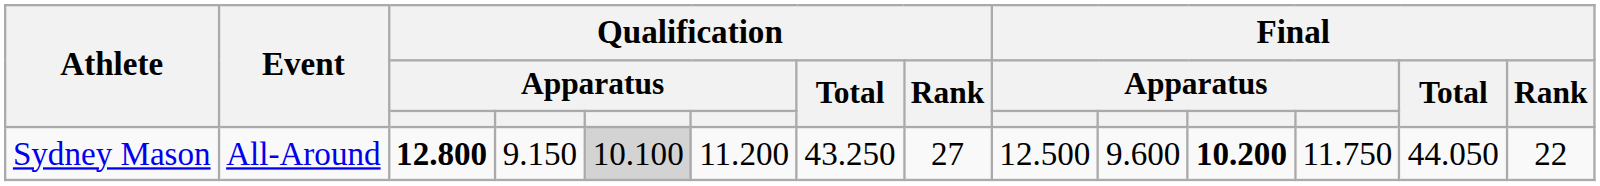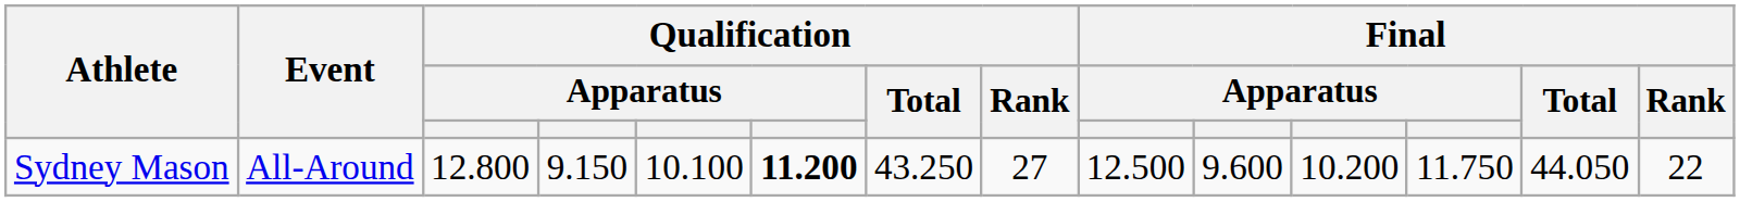 <table class="wikitable" style="font-size:90%">
 <tr>
 <th rowspan=3>Athlete</th>
 <th rowspan=3>Event</th>
 <th colspan =6>Qualification</th>
 <th colspan =6>Final</th>
 </tr>
 <tr style="font-size:95%">
 <th colspan=4>Apparatus</th>
 <th rowspan=2>Total</th>
 <th rowspan=2>Rank</th>
 <th colspan=4>Apparatus</th>
 <th rowspan=2>Total</th>
 <th rowspan=2>Rank</th>
 </tr>
 <tr style="font-size:95%">
 <th></th>
 <th></th>
 <th></th>
 <th></th>
 <th></th>
 <th></th>
 <th></th>
 <th></th>
 </tr>
 <tr align=center>
 <td align=left><a href='#'>Sydney Mason</a></td>
 <td style="text-align:left;"><a href='#'>All-Around</a></td>
-<td><strong>12.800</strong></td>
+<td>12.800</td>
 <td>9.150</td>
-<td style="background: lightgrey;">10.100</td>
-<td>11.200</td>
+<td>10.100</td>
+<td><strong>11.200</strong></td>
 <td>43.250</td>
 <td>27</td>
 <td>12.500</td>
 <td>9.600</td>
-<td><strong>10.200</strong></td>
+<td>10.200</td>
 <td>11.750</td>
 <td>44.050</td>
 <td>22</td>
 </tr>
 </table>
